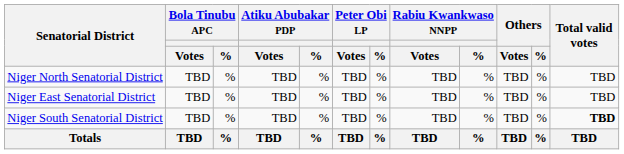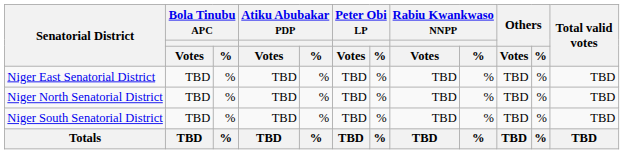 <table class="wikitable sortable" style="text-align:right; font-size:90%">
 <tr>
 <th rowspan="3" style="max-width:7.5em;">Senatorial District</th>
 <th colspan="2"><a href='#'>Bola Tinubu</a><br><small>APC</small></th>
 <th colspan="2"><a href='#'>Atiku Abubakar</a><br><small>PDP</small></th>
 <th colspan="2"><a href='#'>Peter Obi</a><br><small>LP</small></th>
 <th colspan="2"><a href='#'>Rabiu Kwankwaso</a><br><small>NNPP</small></th>
 <th colspan="2" rowspan="2">Others</th>
 <th rowspan="3" style="max-width:5em;">Total valid votes</th>
 </tr>
 <tr>
 <th colspan=2 style="background-color:"></th>
 <th colspan=2 style="background-color:"></th>
 <th colspan=2 style="background-color:"></th>
 <th colspan=2 style="background-color:"></th>
 </tr>
 <tr>
 <th>Votes</th>
 <th>%</th>
 <th>Votes</th>
 <th>%</th>
 <th>Votes</th>
 <th>%</th>
 <th>Votes</th>
 <th>%</th>
 <th>Votes</th>
 <th>%</th>
 </tr>
 <tr style="background-color:#">
-<td style="text-align:left;"><a href='#'>Niger North Senatorial District</a></td>
+<td style="text-align:left;"><a href='#'>Niger East Senatorial District</a></td>
 <td>TBD</td>
 <td>%</td>
 <td>TBD</td>
 <td>%</td>
 <td>TBD</td>
 <td>%</td>
 <td>TBD</td>
 <td>%</td>
 <td>TBD</td>
 <td>%</td>
 <td>TBD</td>
 </tr>
 <tr style="background-color:#">
-<td style="text-align:left;"><a href='#'>Niger East Senatorial District</a></td>
+<td style="text-align:left;"><a href='#'>Niger North Senatorial District</a></td>
 <td>TBD</td>
 <td>%</td>
 <td>TBD</td>
 <td>%</td>
 <td>TBD</td>
 <td>%</td>
 <td>TBD</td>
 <td>%</td>
 <td>TBD</td>
 <td>%</td>
 <td>TBD</td>
 </tr>
 <tr style="background-color:#">
 <td style="text-align:left;"><a href='#'>Niger South Senatorial District</a></td>
 <td>TBD</td>
 <td>%</td>
 <td>TBD</td>
 <td>%</td>
 <td>TBD</td>
 <td>%</td>
 <td>TBD</td>
 <td>%</td>
 <td>TBD</td>
 <td>%</td>
-<td><strong>TBD</strong></td>
+<td>TBD</td>
 </tr>
 <tr>
 <th>Totals</th>
 <th>TBD</th>
 <th>%</th>
 <th>TBD</th>
 <th>%</th>
 <th>TBD</th>
 <th>%</th>
 <th>TBD</th>
 <th>%</th>
 <th>TBD</th>
 <th>%</th>
 <th>TBD</th>
 </tr>
 </table>
